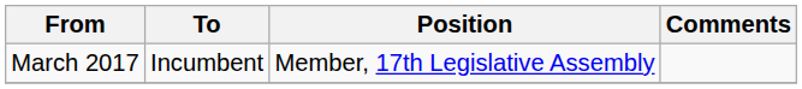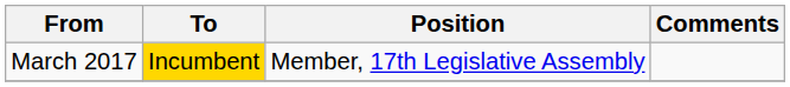 <table class="wikitable sortable">
 <tr>
 <th>From</th>
 <th>To</th>
 <th>Position</th>
 <th>Comments</th>
 </tr>
 <tr>
 <td>March 2017</td>
-<td>Incumbent</td>
+<td style="background: gold;">Incumbent</td>
 <td>Member, <a href='#'>17th Legislative Assembly</a></td>
 <td></td>
 </tr>
 <tr>
 </tr>
 </table>
